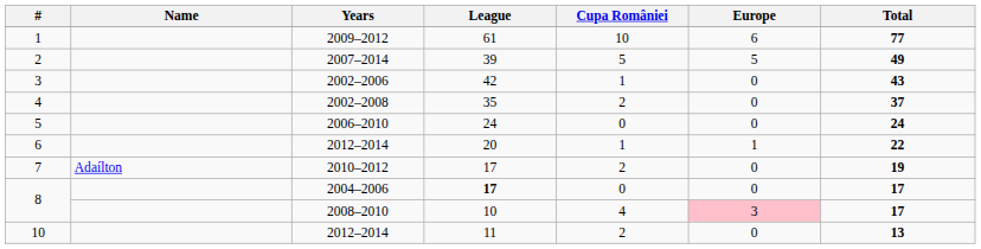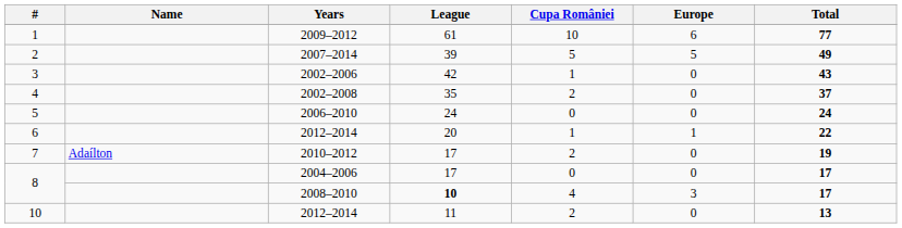 <table class="wikitable sortable" style="text-align: center; width:90%">
 <tr>
 <th width=6%>#</th>
 <th width=20%>Name</th>
 <th width=12%>Years</th>
 <th width=12%>League</th>
 <th width=12%><a href='#'>Cupa României</a></th>
 <th width=12%>Europe</th>
 <th width=14%>Total</th>
 </tr>
 <tr>
 </tr>
 <tr>
 <td>1</td>
 <td style="text-align:left;"> </td>
 <td>2009–2012</td>
 <td>61</td>
 <td>10</td>
 <td>6</td>
 <td 77><strong>77</strong></td>
 </tr>
 <tr>
 <td>2</td>
 <td style="text-align:left;"> </td>
 <td>2007–2014</td>
 <td>39</td>
 <td>5</td>
 <td>5</td>
 <td 49><strong>49</strong></td>
 </tr>
 <tr>
 <td>3</td>
 <td style="text-align:left;"> </td>
 <td>2002–2006</td>
 <td>42</td>
 <td>1</td>
 <td>0</td>
 <td 43><strong>43</strong></td>
 </tr>
 <tr>
 <td>4</td>
 <td style="text-align:left;"> </td>
 <td>2002–2008</td>
 <td>35</td>
 <td>2</td>
 <td>0</td>
 <td 37><strong>37</strong></td>
 </tr>
 <tr>
 <td>5</td>
 <td style="text-align:left;"> </td>
 <td>2006–2010</td>
 <td>24</td>
 <td>0</td>
 <td>0</td>
 <td 24><strong>24</strong></td>
 </tr>
 <tr>
 <td>6</td>
 <td style="text-align:left;"> </td>
 <td>2012–2014</td>
 <td>20</td>
 <td>1</td>
 <td>1</td>
 <td 22><strong>22</strong></td>
 </tr>
 <tr>
 <td>7</td>
 <td style="text-align:left;"> <a href='#'>Adaílton</a></td>
 <td>2010–2012</td>
 <td>17</td>
 <td>2</td>
 <td>0</td>
 <td 19><strong>19</strong></td>
 </tr>
 <tr>
 <td rowspan=2>8</td>
 <td style="text-align:left;"> </td>
 <td>2004–2006</td>
-<td><strong>17</strong></td>
+<td>17</td>
 <td>0</td>
 <td>0</td>
 <td 17><strong>17</strong></td>
 </tr>
 <tr>
 <td style="text-align:left;"> </td>
 <td>2008–2010</td>
-<td>10</td>
+<td><strong>10</strong></td>
 <td>4</td>
-<td style="background: pink;">3</td>
+<td>3</td>
 <td 17><strong>17</strong></td>
 </tr>
 <tr>
 <td>10</td>
 <td style="text-align:left;"> </td>
 <td>2012–2014</td>
 <td>11</td>
 <td>2</td>
 <td>0</td>
 <td 13><strong>13</strong></td>
 </tr>
 </table>
